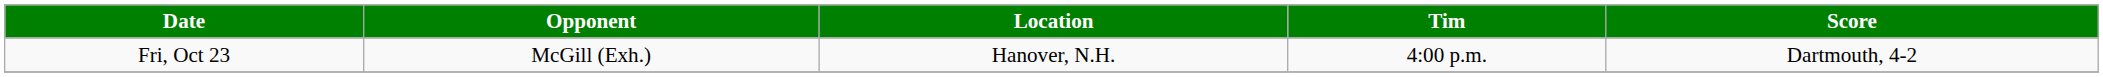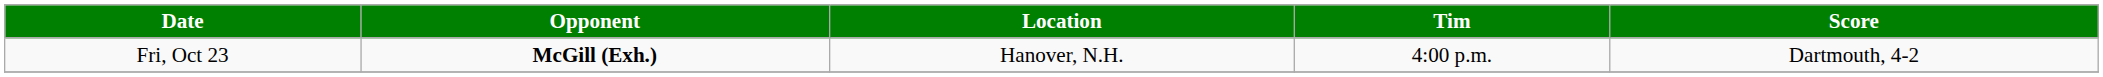 <table class="wikitable" width="80%">
 <tr align="center"  style=" background:green;color:#FFFFFF;">
 <td><strong>Date</strong></td>
 <td><strong>Opponent</strong></td>
 <td><strong>Location</strong></td>
 <td><strong>Tim</strong></td>
 <td><strong>Score</strong></td>
 </tr>
 <tr align="center" bgcolor="">
 <td>Fri, Oct 23</td>
-<td>McGill (Exh.) </td>
+<td><strong>McGill (Exh.) </strong></td>
 <td>Hanover, N.H.</td>
 <td>4:00 p.m.</td>
 <td>Dartmouth, 4-2</td>
 </tr>
 <tr align="center" bgcolor="">
 </tr>
 </table>
